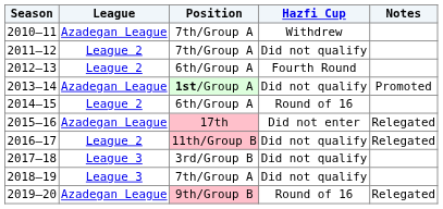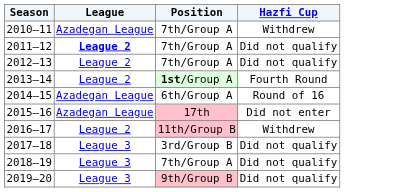 <table border="1" cellpadding="2" style="border-collapse:collapse; text-align:center; font-size:normal;">
 <tr style="background:#f0f6fa;">
 <th>Season</th>
 <th>League</th>
 <th>Position</th>
 <th><a href='#'>Hazfi Cup</a></th>
-<th>Notes</th>
 </tr>
 <tr>
 <td>2010–11</td>
 <td><a href='#'>Azadegan League</a></td>
 <td>7th/Group A</td>
 <td>Withdrew</td>
-<td></td>
 </tr>
 <tr>
 <td>2011–12</td>
-<td><a href='#'>League 2</a></td>
+<td><strong><a href='#'>League 2</a></strong></td>
 <td>7th/Group A</td>
 <td>Did not qualify</td>
-<td></td>
 </tr>
 <tr>
 <td>2012–13</td>
 <td><a href='#'>League 2</a></td>
-<td>6th/Group A</td>
-<td>Fourth Round</td>
-<td></td>
+<td style="text-align:center; background:">7th/Group A</td>
+<td>Did not qualify</td>
 </tr>
 <tr>
 <td>2013–14</td>
-<td><a href='#'>Azadegan League</a></td>
+<td><a href='#'>League 2</a></td>
 <td style="text-align:center; background:#dfd;"><strong>1st</strong>/Group A</td>
-<td>Did not qualify</td>
-<td>Promoted</td>
+<td>Fourth Round</td>
 </tr>
 <tr>
 <td>2014–15</td>
-<td><a href='#'>League 2</a></td>
+<td><a href='#'>Azadegan League</a></td>
 <td style="text-align:center; background:">6th/Group A</td>
 <td>Round of 16</td>
-<td></td>
 </tr>
 <tr>
 <td>2015–16</td>
 <td><a href='#'>Azadegan League</a></td>
 <td style="text-align:center; background:pink">17th</td>
 <td>Did not enter</td>
-<td>Relegated</td>
 </tr>
 <tr>
 <td>2016–17</td>
 <td><a href='#'>League 2</a></td>
 <td style="text-align:center; background:pink">11th/Group B</td>
-<td>Did not qualify</td>
-<td>Relegated</td>
+<td>Withdrew</td>
 </tr>
 <tr>
 <td>2017–18</td>
 <td><a href='#'>League 3</a></td>
 <td style="text-align:center; background:">3rd/Group B</td>
 <td>Did not qualify</td>
-<td></td>
 </tr>
 <tr>
 <td>2018–19</td>
 <td><a href='#'>League 3</a></td>
 <td style="text-align:center; background:">7th/Group A</td>
 <td>Did not qualify</td>
-<td></td>
 </tr>
 <tr>
 <td>2019–20</td>
-<td><a href='#'>Azadegan League</a></td>
+<td><a href='#'>League 3</a></td>
 <td style="text-align:center; background:pink">9th/Group B</td>
-<td>Round of 16</td>
-<td>Relegated</td>
+<td>Did not qualify</td>
 </tr>
 </table>
